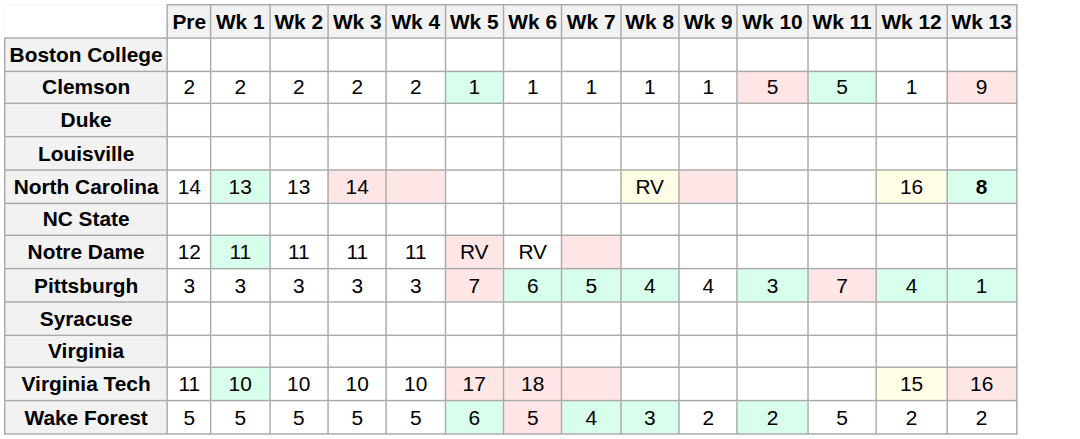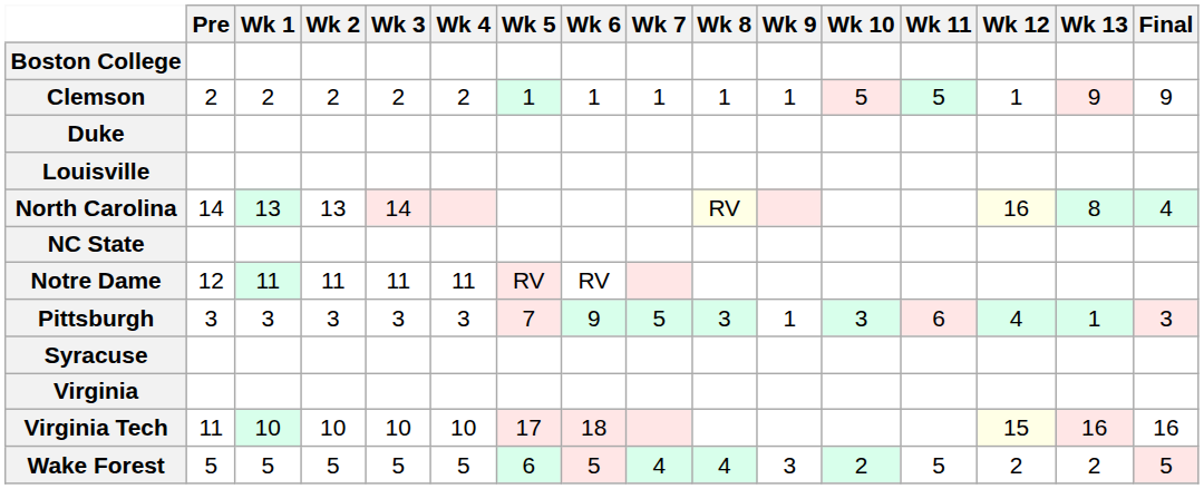 <table class="wikitable" style="white-space:nowrap;font-size:90%;">
 <tr>
 <th colspan=1 style="background:white; border-top-style:hidden; border-left-style:hidden;"> </th>
 <th>Pre <br></th>
 <th>Wk 1 <br></th>
 <th>Wk 2 <br></th>
 <th>Wk 3 <br></th>
 <th>Wk 4 <br></th>
 <th>Wk 5 <br></th>
 <th>Wk 6 <br></th>
 <th>Wk 7 <br></th>
 <th>Wk 8 <br></th>
 <th>Wk 9 <br></th>
 <th>Wk 10 <br></th>
 <th>Wk 11 <br></th>
 <th>Wk 12 <br></th>
 <th>Wk 13 <br></th>
+<th>Final <br></th>
 </tr>
 <tr style="text-align:center;">
 <th>Boston College</th>
+<td style="background:#FFF;"></td>
 <td style="background:#FFF;"></td>
 <td style="background:#FFF;"></td>
 <td style="background:#FFF;"></td>
 <td style="background:#FFF;"></td>
 <td style="background:#FFF;"></td>
 <td style="background:#FFF;"></td>
 <td style="background:#FFF;"></td>
 <td style="background:#FFF;"></td>
 <td style="background:#FFF;"></td>
 <td style="background:#FFF;"></td>
 <td style="background:#FFF;"></td>
 <td style="background:#FFF;"></td>
 <td style="background:#FFF;"></td>
 <td style="background:#FFF;"></td>
 </tr>
 <tr style="text-align:center;">
 <th>Clemson</th>
 <td style="background:#FFF;"> 2</td>
 <td style="background:#FFF;"> 2</td>
 <td style="background:#FFF;"> 2</td>
 <td style="background:#FFF;"> 2</td>
 <td style="background:#FFF;"> 2</td>
 <td style="background:#D8FFEB;"> 1</td>
 <td style="background:#FFF;"> 1</td>
 <td style="background:#FFF;"> 1</td>
 <td style="background:#FFF;"> 1</td>
 <td style="background:#FFF;"> 1</td>
 <td style="background:#FFE6E6;"> 5</td>
 <td style="background:#D8FFEB;"> 5</td>
 <td style="background:#FFF;"> 1</td>
 <td style="background:#FFE6E6;"> 9</td>
+<td style="background:#FFF;"> 9</td>
 </tr>
 <tr style="text-align:center;">
 <th>Duke</th>
+<td style="background:#FFF;"></td>
 <td style="background:#FFF;"></td>
 <td style="background:#FFF;"></td>
 <td style="background:#FFF;"></td>
 <td style="background:#FFF;"></td>
 <td style="background:#FFF;"></td>
 <td style="background:#FFF;"></td>
 <td style="background:#FFF;"></td>
 <td style="background:#FFF;"></td>
 <td style="background:#FFF;"></td>
 <td style="background:#FFF;"></td>
 <td style="background:#FFF;"></td>
 <td style="background:#FFF;"></td>
 <td style="background:#FFF;"></td>
 <td style="background:#FFF;"></td>
 </tr>
 <tr style="text-align:center;">
 <th>Louisville</th>
 <td style="background:#FFF;"></td>
 <td style="background:#FFF;"></td>
 <td style="background:#FFF;"></td>
 <td style="background:#FFF;"></td>
 <td style="background:#FFF;"></td>
 <td style="background:#FFF;"></td>
 <td style="background:#FFF;"></td>
 <td style="background:#FFF;"></td>
 <td style="background:#FFF;"></td>
 <td style="background:#FFF;"></td>
 <td style="background:#FFF;"></td>
 <td style="background:#FFF;"></td>
 <td style="background:#FFF;"></td>
 <td style="background:#FFF;"></td>
+<td style="background:#FFF;"></td>
 </tr>
 <tr style="text-align:center;">
 <th>North Carolina</th>
 <td style="background:#FFF;"> 14</td>
 <td style="background:#D8FFEB;"> 13</td>
 <td style="background:#FFF;"> 13</td>
 <td style="background:#FFE6E6;"> 14</td>
 <td style="background:#FFE6E6;"></td>
 <td style="background:#FFF;"></td>
 <td style="background:#FFF;"></td>
 <td style="background:#FFF;"></td>
 <td style="background:#FFFFE6;"> RV</td>
 <td style="background:#FFE6E6;"></td>
 <td style="background:#FFF;"></td>
 <td style="background:#FFF;"></td>
 <td style="background:#FFFFE6;"> 16</td>
-<td style="background:#D8FFEB;"><strong> 8</strong></td>
+<td style="background:#D8FFEB;"> 8</td>
+<td style="background:#D8FFEB;"> 4</td>
 </tr>
 <tr style="text-align:center;">
 <th>NC State</th>
+<td style="background:#FFF;"></td>
 <td style="background:#FFF;"></td>
 <td style="background:#FFF;"></td>
 <td style="background:#FFF;"></td>
 <td style="background:#FFF;"></td>
 <td style="background:#FFF;"></td>
 <td style="background:#FFF;"></td>
 <td style="background:#FFF;"></td>
 <td style="background:#FFF;"></td>
 <td style="background:#FFF;"></td>
 <td style="background:#FFF;"></td>
 <td style="background:#FFF;"></td>
 <td style="background:#FFF;"></td>
 <td style="background:#FFF;"></td>
 <td style="background:#FFF;"></td>
 </tr>
 <tr style="text-align:center;">
 <th>Notre Dame</th>
 <td style="background:#FFF;"> 12</td>
 <td style="background:#D8FFEB;"> 11</td>
 <td style="background:#FFF;"> 11</td>
 <td style="background:#FFF;"> 11</td>
 <td style="background:#FFF;"> 11</td>
 <td style="background:#FFE6E6;"> RV</td>
 <td style="background:#FFF;"> RV</td>
 <td style="background:#FFE6E6;"></td>
 <td style="background:#FFF;"></td>
 <td style="background:#FFF;"></td>
 <td style="background:#FFF;"></td>
 <td style="background:#FFF;"></td>
 <td style="background:#FFF;"></td>
 <td style="background:#FFF;"></td>
+<td style="background:#FFF;"></td>
 </tr>
 <tr style="text-align:center;">
 <th>Pittsburgh</th>
 <td style="background:#FFF;"> 3</td>
 <td style="background:#FFF;"> 3</td>
 <td style="background:#FFF;"> 3</td>
 <td style="background:#FFF;"> 3</td>
 <td style="background:#FFF;"> 3</td>
 <td style="background:#FFE6E6;"> 7</td>
-<td style="background:#D8FFEB;"> 6</td>
+<td style="background:#D8FFEB;"> 9</td>
 <td style="background:#D8FFEB;"> 5</td>
-<td style="background:#D8FFEB;"> 4</td>
-<td style="background:#FFF;"> 4</td>
 <td style="background:#D8FFEB;"> 3</td>
-<td style="background:#FFE6E6;"> 7</td>
+<td style="background:#FFF;"> 1</td>
+<td style="background:#D8FFEB;"> 3</td>
+<td style="background:#FFE6E6;"> 6</td>
 <td style="background:#D8FFEB;"> 4</td>
 <td style="background:#D8FFEB;"> 1</td>
+<td style="background:#FFE6E6;"> 3</td>
 </tr>
 <tr style="text-align:center;">
 <th>Syracuse</th>
+<td style="background:#FFF;"></td>
 <td style="background:#FFF;"></td>
 <td style="background:#FFF;"></td>
 <td style="background:#FFF;"></td>
 <td style="background:#FFF;"></td>
 <td style="background:#FFF;"></td>
 <td style="background:#FFF;"></td>
 <td style="background:#FFF;"></td>
 <td style="background:#FFF;"></td>
 <td style="background:#FFF;"></td>
 <td style="background:#FFF;"></td>
 <td style="background:#FFF;"></td>
 <td style="background:#FFF;"></td>
 <td style="background:#FFF;"></td>
 <td style="background:#FFF;"></td>
 </tr>
 <tr style="text-align:center;">
 <th>Virginia</th>
 <td style="background:#FFF;"></td>
 <td style="background:#FFF;"></td>
 <td style="background:#FFF;"></td>
 <td style="background:#FFF;"></td>
 <td style="background:#FFF;"></td>
 <td style="background:#FFF;"></td>
 <td style="background:#FFF;"></td>
 <td style="background:#FFF;"></td>
 <td style="background:#FFF;"></td>
 <td style="background:#FFF;"></td>
 <td style="background:#FFF;"></td>
 <td style="background:#FFF;"></td>
 <td style="background:#FFF;"></td>
 <td style="background:#FFF;"></td>
+<td style="background:#FFF;"></td>
 </tr>
 <tr style="text-align:center;">
 <th>Virginia Tech</th>
 <td style="background:#FFF;"> 11</td>
 <td style="background:#D8FFEB;"> 10</td>
 <td style="background:#FFF;"> 10</td>
 <td style="background:#FFF;"> 10</td>
 <td style="background:#FFF;"> 10</td>
 <td style="background:#FFE6E6;"> 17</td>
 <td style="background:#FFE6E6;"> 18</td>
 <td style="background:#FFE6E6;"></td>
 <td style="background:#FFF;"></td>
 <td style="background:#FFF;"></td>
 <td style="background:#FFF;"></td>
 <td style="background:#FFF;"></td>
 <td style="background:#FFFFE6;"> 15</td>
 <td style="background:#FFE6E6;"> 16</td>
+<td style="background:#FFF;"> 16</td>
 </tr>
 <tr style="text-align:center;">
 <th>Wake Forest</th>
 <td style="background:#FFF;"> 5</td>
 <td style="background:#FFF;"> 5</td>
 <td style="background:#FFF;"> 5</td>
 <td style="background:#FFF;"> 5</td>
 <td style="background:#FFF;"> 5</td>
 <td style="background:#D8FFEB;"> 6</td>
 <td style="background:#FFE6E6;"> 5</td>
 <td style="background:#D8FFEB;"> 4</td>
-<td style="background:#D8FFEB;"> 3</td>
-<td style="background:#FFF;"> 2</td>
+<td style="background:#D8FFEB;"> 4</td>
+<td style="background:#FFF;"> 3</td>
 <td style="background:#D8FFEB;"> 2</td>
 <td style="background:#FFF;"> 5</td>
 <td style="background:#FFF;"> 2</td>
 <td style="background:#FFF;"> 2</td>
+<td style="background:#FFE6E6;"> 5</td>
 </tr>
 </table>
